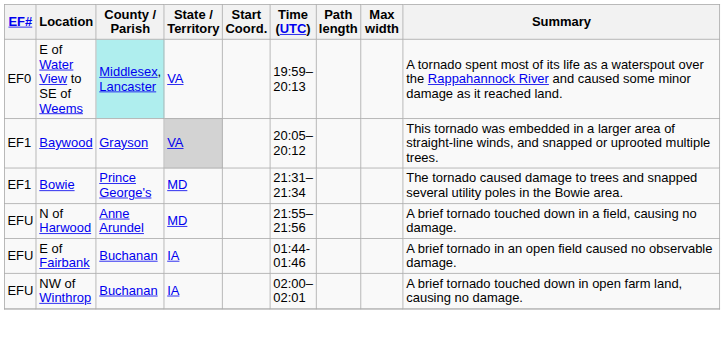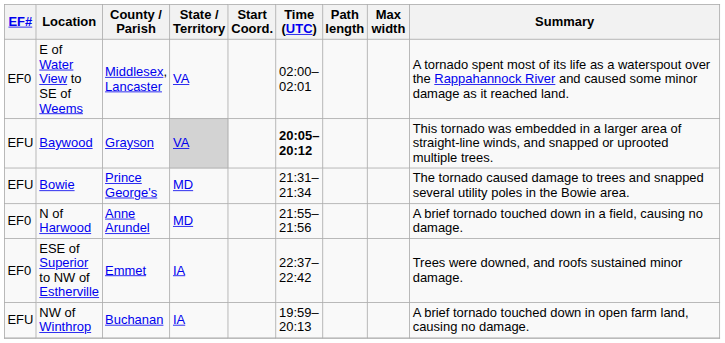 <table class="wikitable sortable" style="width:100%;">
 <tr>
 <th scope="col"  style="width:3%; text-align:center;"><a href='#'>EF#</a></th>
 <th scope="col"  style="width:7%; text-align:center;" class="unsortable">Location</th>
 <th scope="col"  style="width:6%; text-align:center;" class="unsortable">County / Parish</th>
 <th scope="col"  style="width:5%; text-align:center;">State / Territory</th>
 <th scope="col"  style="width:6%; text-align:center;">Start Coord.</th>
 <th scope="col"  style="width:6%; text-align:center;">Time (<a href='#'>UTC</a>)</th>
 <th scope="col"  style="width:6%; text-align:center;">Path length</th>
 <th scope="col"  style="width:6%; text-align:center;">Max width</th>
 <th scope="col" class="unsortable" style="width:48%; text-align:center;">Summary</th>
 </tr>
 <tr>
 <td>EF0</td>
 <td>E of <a href='#'>Water View</a> to SE of <a href='#'>Weems</a></td>
-<td style="background: paleturquoise;"><a href='#'>Middlesex</a>, <a href='#'>Lancaster</a></td>
+<td><a href='#'>Middlesex</a>, <a href='#'>Lancaster</a></td>
 <td><a href='#'>VA</a></td>
 <td></td>
-<td>19:59–20:13</td>
+<td>02:00–02:01</td>
 <td></td>
 <td></td>
 <td>A tornado spent most of its life as a waterspout over the <a href='#'>Rappahannock River</a> and caused some minor damage as it reached land.</td>
 </tr>
 <tr>
-<td>EF1</td>
+<td>EFU</td>
 <td><a href='#'>Baywood</a></td>
 <td><a href='#'>Grayson</a></td>
 <td style="background: lightgrey;"><a href='#'>VA</a></td>
 <td></td>
-<td>20:05–20:12</td>
+<td><strong>20:05–20:12</strong></td>
 <td></td>
 <td></td>
 <td>This tornado was embedded in a larger area of straight-line winds, and snapped or uprooted multiple trees.</td>
 </tr>
 <tr>
-<td>EF1</td>
+<td>EFU</td>
 <td><a href='#'>Bowie</a></td>
 <td><a href='#'>Prince George's</a></td>
 <td><a href='#'>MD</a></td>
 <td></td>
 <td>21:31–21:34</td>
 <td></td>
 <td></td>
 <td>The tornado caused damage to trees and snapped several utility poles in the Bowie area.</td>
 </tr>
 <tr>
-<td>EFU</td>
+<td>EF0</td>
 <td>N of <a href='#'>Harwood</a></td>
 <td><a href='#'>Anne Arundel</a></td>
 <td><a href='#'>MD</a></td>
 <td></td>
 <td>21:55–21:56</td>
 <td></td>
 <td></td>
 <td>A brief tornado touched down in a field, causing no damage.</td>
 </tr>
 <tr>
-<td>EFU</td>
-<td>E of <a href='#'>Fairbank</a></td>
-<td><a href='#'>Buchanan</a></td>
+<td>EF0</td>
+<td>ESE of <a href='#'>Superior</a> to NW of <a href='#'>Estherville</a></td>
+<td><a href='#'>Emmet</a></td>
 <td><a href='#'>IA</a></td>
 <td></td>
-<td>01:44-01:46</td>
+<td>22:37–22:42</td>
 <td></td>
 <td></td>
-<td>A brief tornado in an open field caused no observable damage.</td>
+<td>Trees were downed, and roofs sustained minor damage.</td>
 </tr>
 <tr>
 <td>EFU</td>
 <td>NW of <a href='#'>Winthrop</a></td>
 <td><a href='#'>Buchanan</a></td>
 <td><a href='#'>IA</a></td>
 <td></td>
-<td>02:00–02:01</td>
+<td>19:59–20:13</td>
 <td></td>
 <td></td>
 <td>A brief tornado touched down in open farm land, causing no damage.</td>
 </tr>
 <tr>
 </tr>
 </table>
